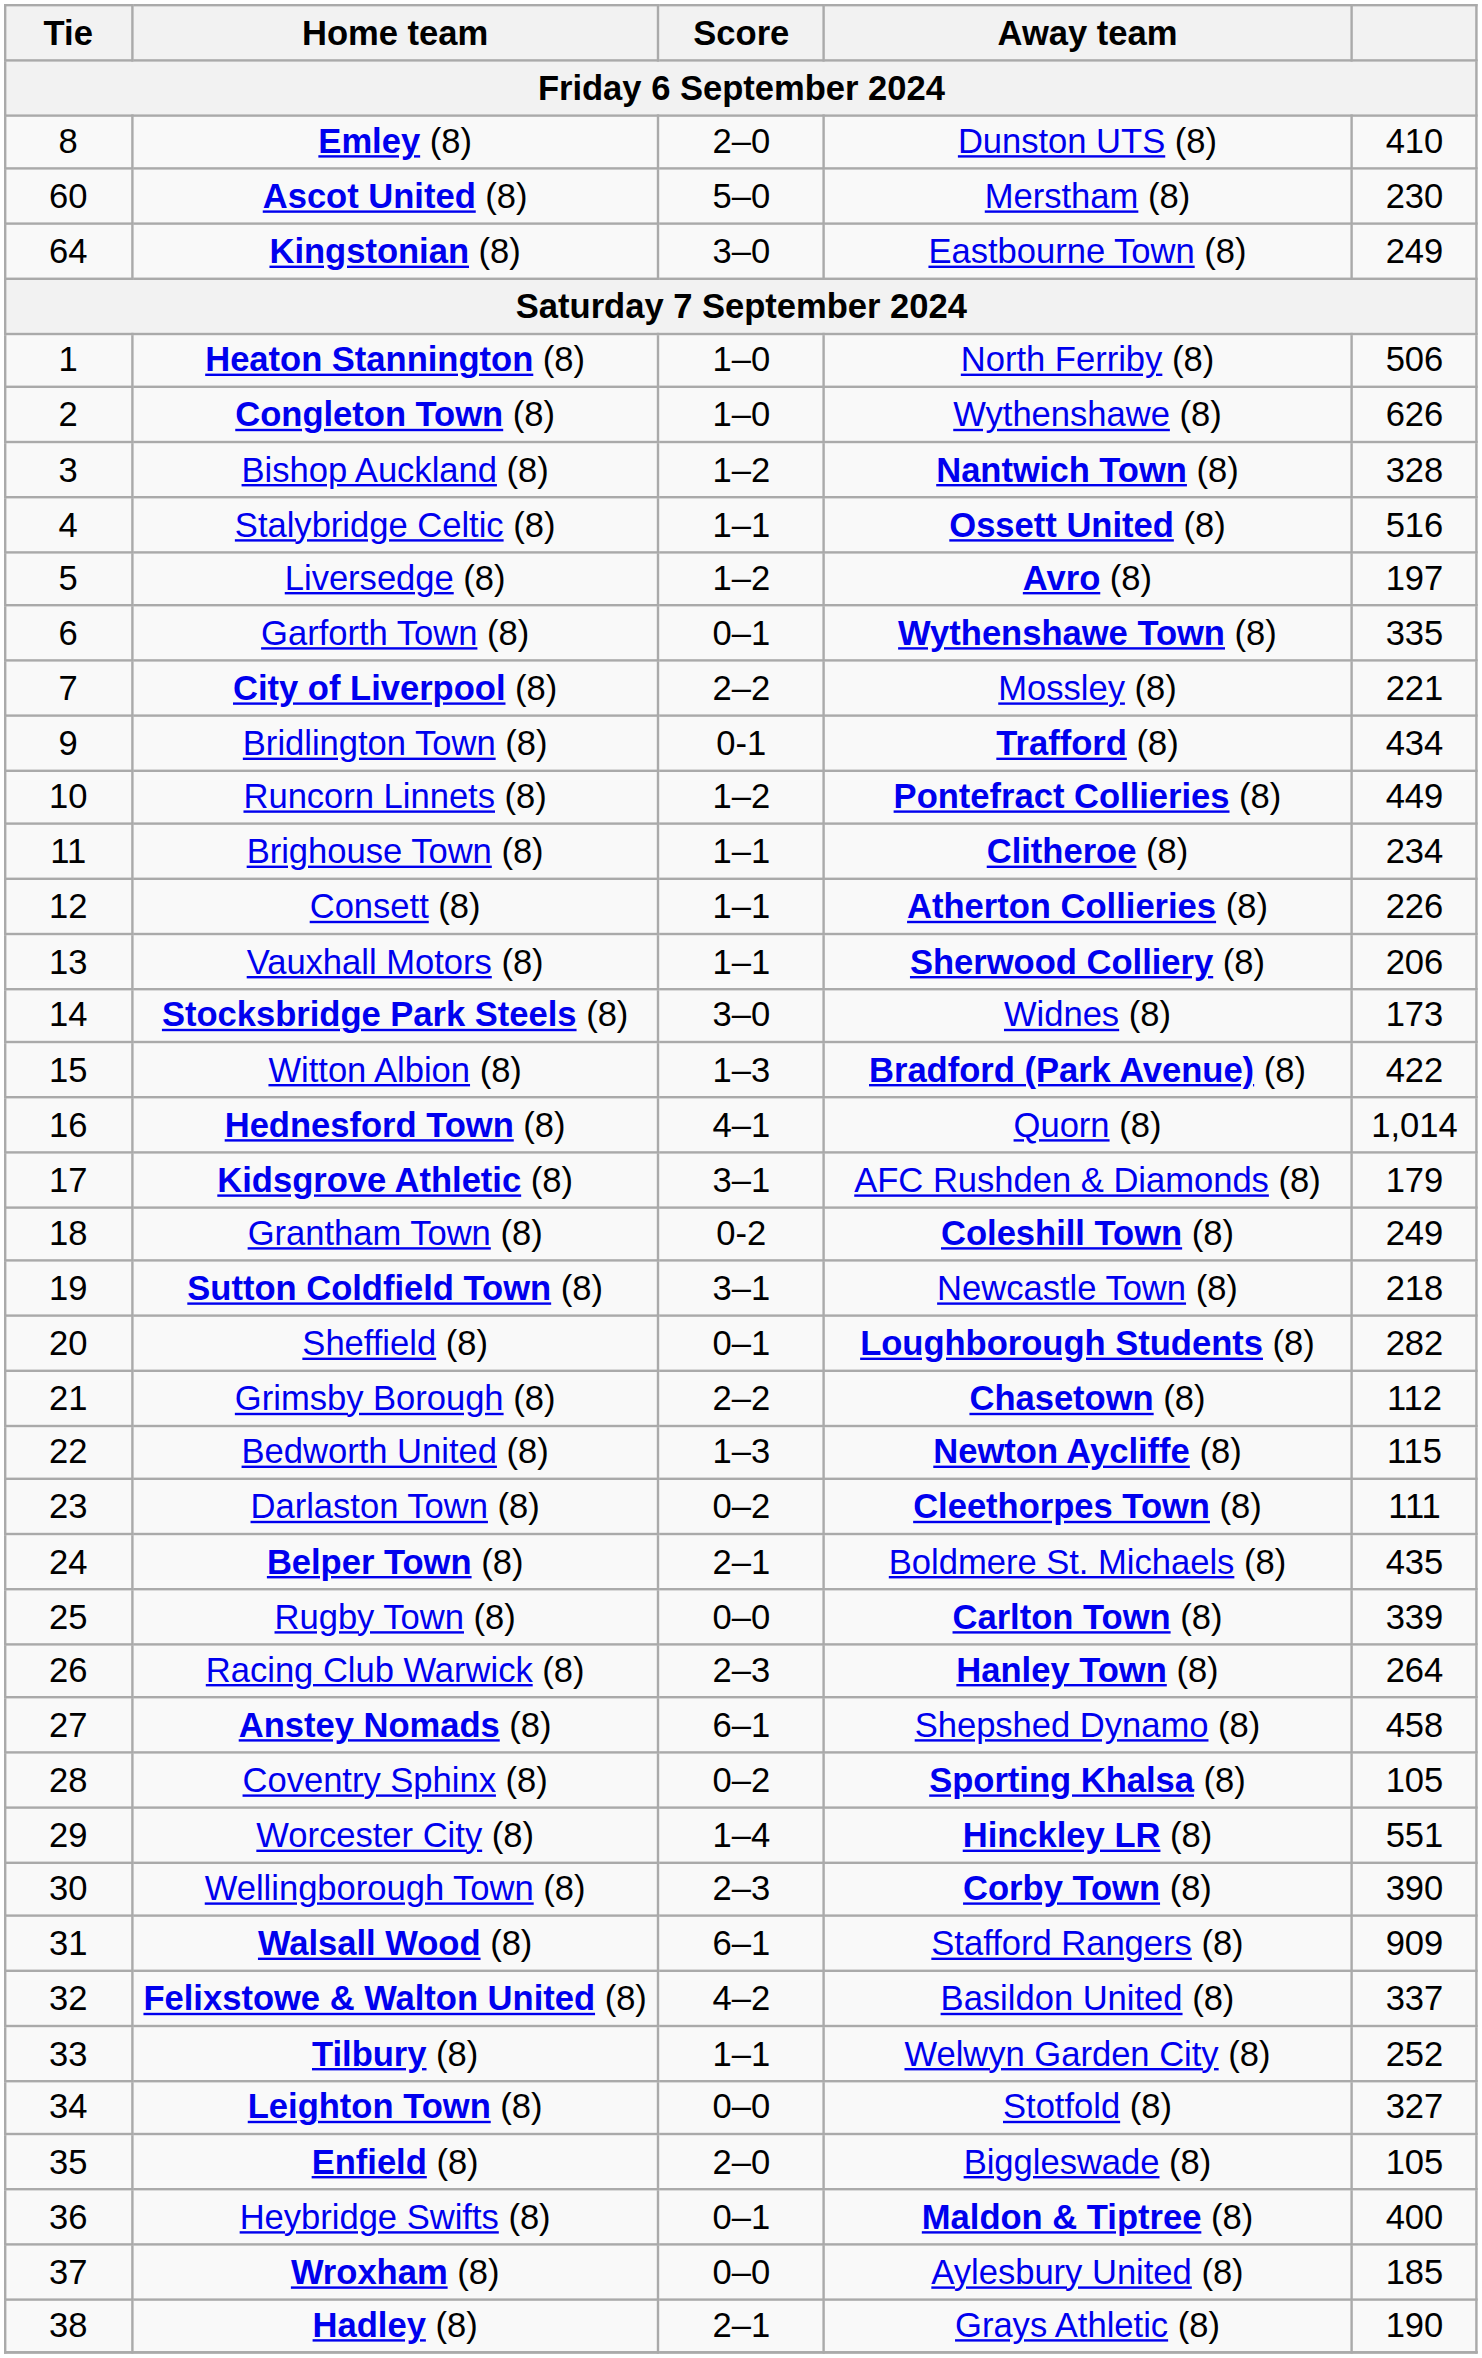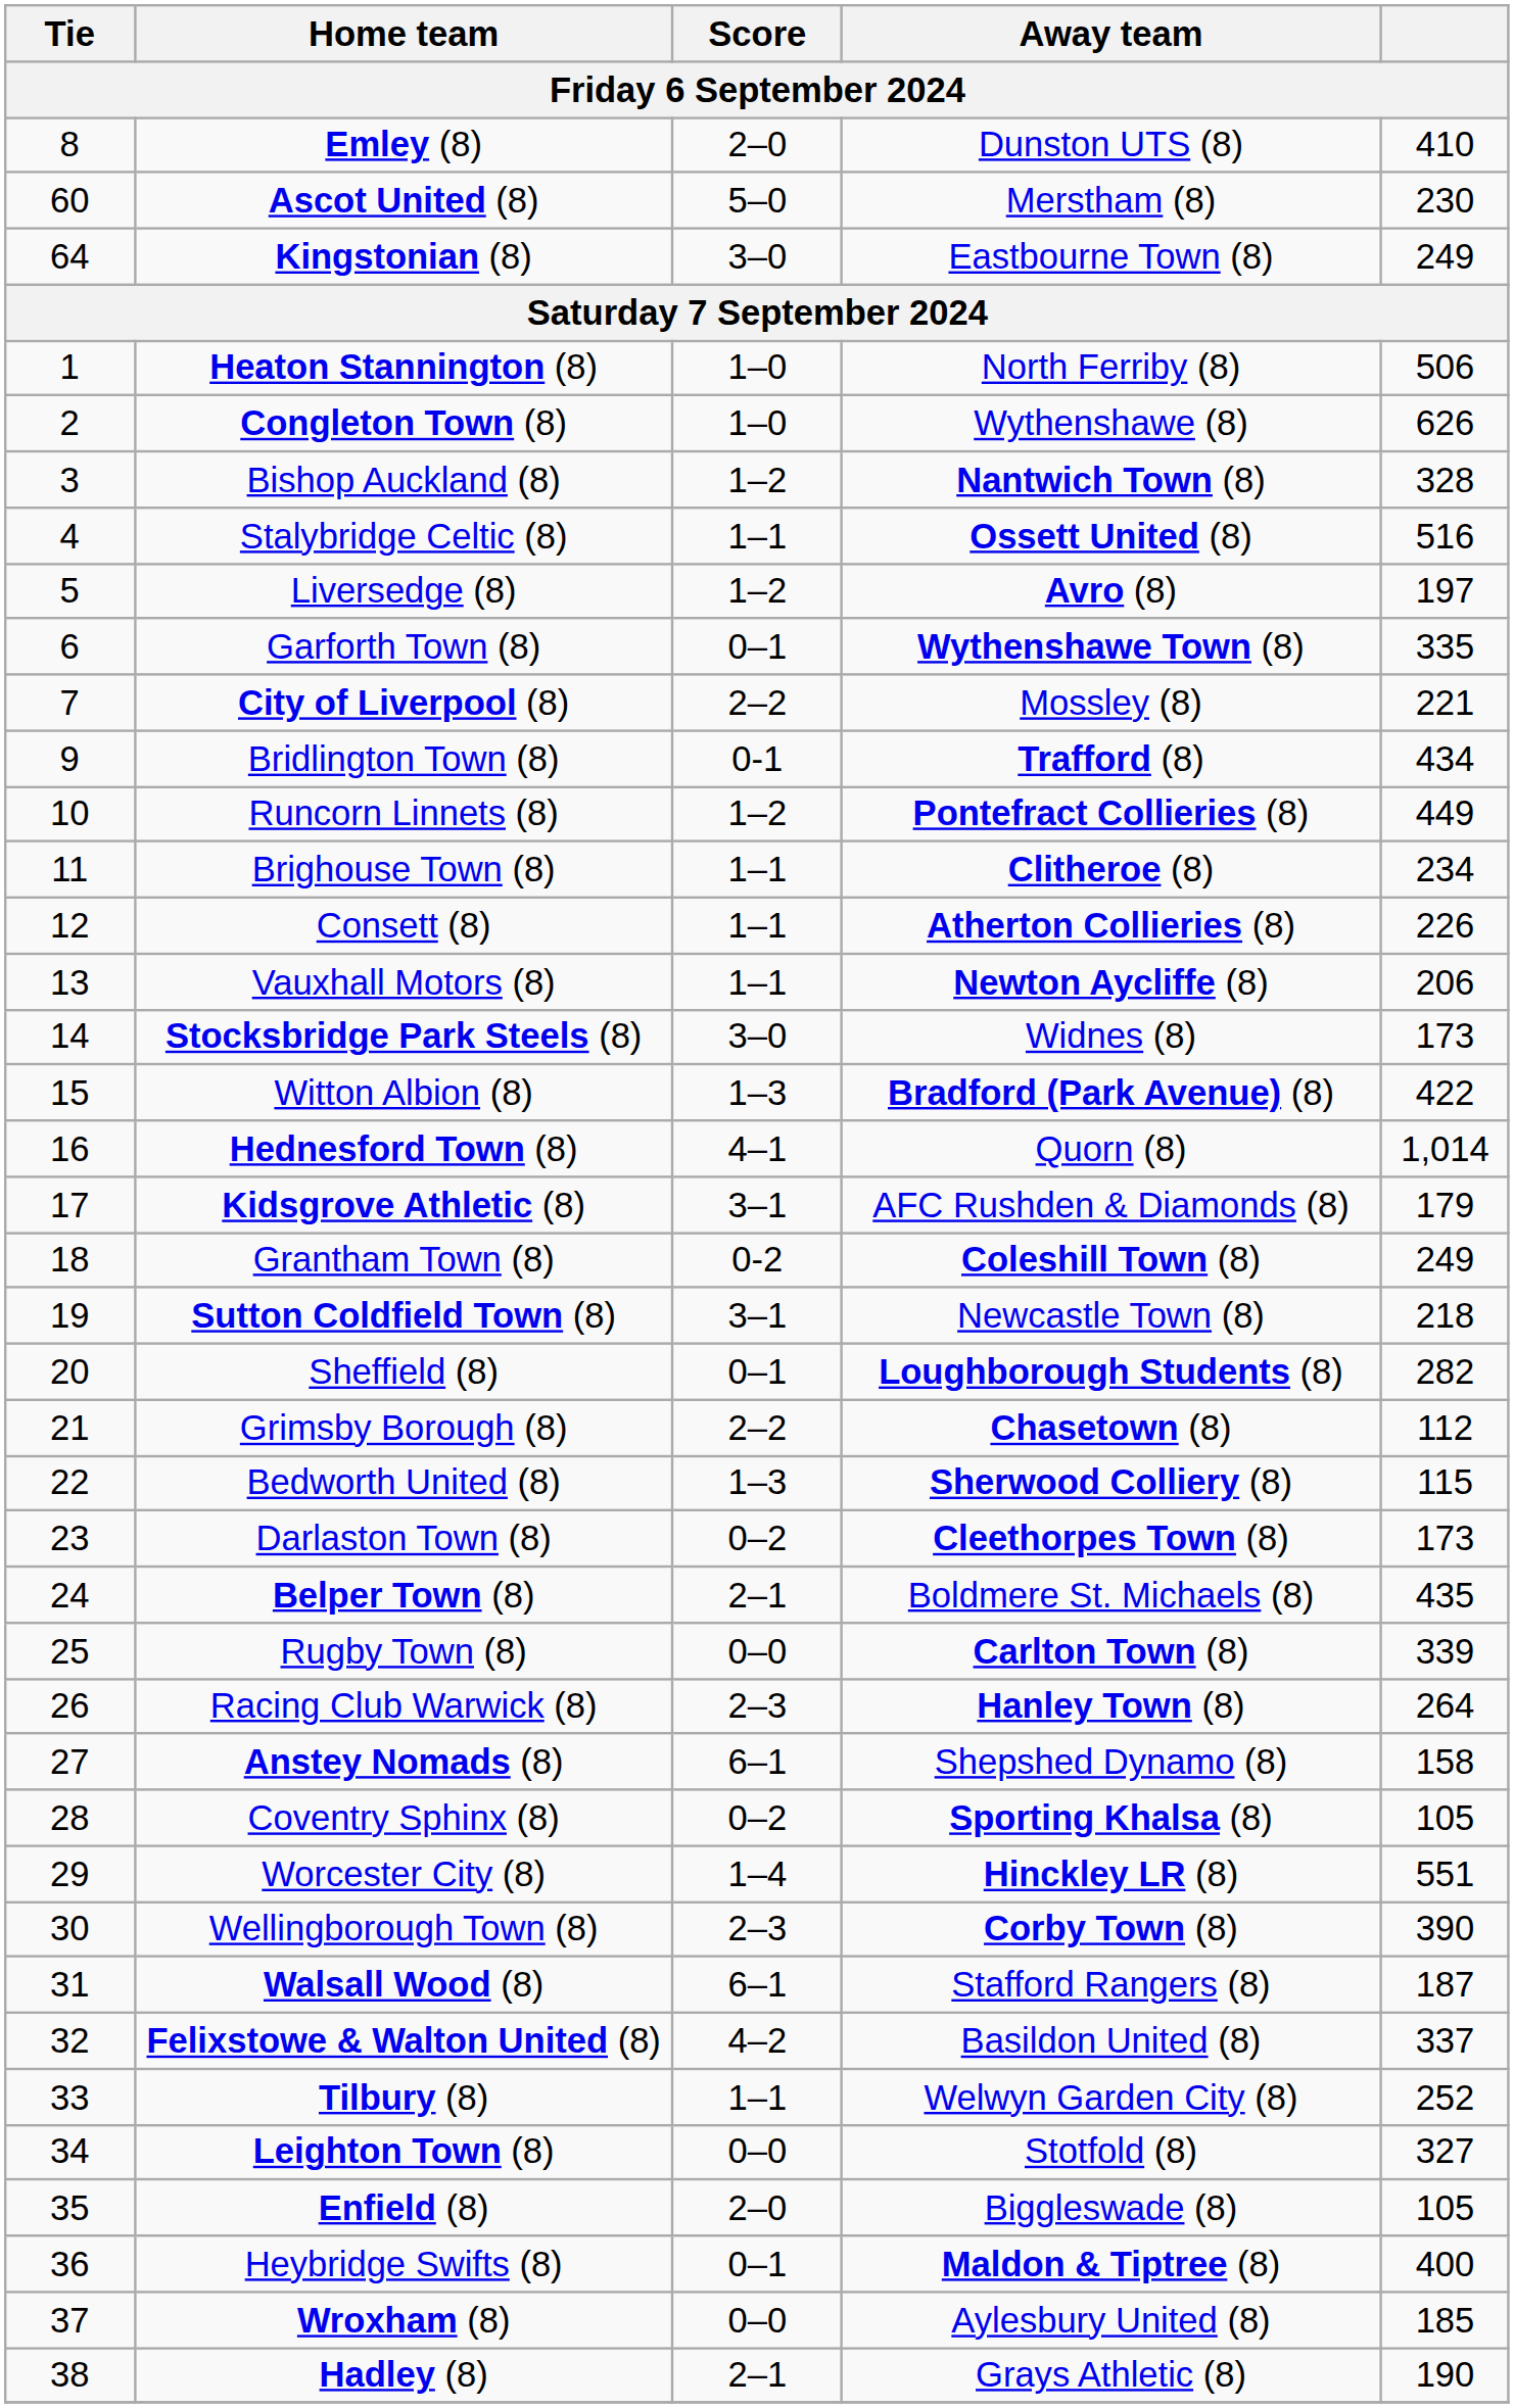 <table class="wikitable" style="text-align:center; font-size:90%">
 <tr>
 <th scope="col" style="width:  8.43%;">Tie</th>
 <th scope="col" style="width: 35.29%;">Home team</th>
 <th scope="col" style="width: 11.00%;">Score</th>
 <th scope="col" style="width: 35.29%;">Away team</th>
 <th scope="col" style="width:  8.43%;"></th>
 </tr>
 <tr>
 <th colspan="5"><strong>Friday 6 September 2024</strong></th>
 </tr>
 <tr>
 <td>8</td>
 <td><strong><a href='#'>Emley</a></strong> (8)</td>
 <td>2–0</td>
 <td><a href='#'>Dunston UTS</a> (8)</td>
 <td>410</td>
 </tr>
 <tr>
 <td>60</td>
 <td><strong><a href='#'>Ascot United</a></strong> (8)</td>
 <td>5–0</td>
 <td><a href='#'>Merstham</a> (8)</td>
 <td>230</td>
 </tr>
 <tr>
 <td>64</td>
 <td><strong><a href='#'>Kingstonian</a></strong> (8)</td>
 <td>3–0</td>
 <td><a href='#'>Eastbourne Town</a> (8)</td>
 <td>249</td>
 </tr>
 <tr>
 <th colspan="5"><strong>Saturday 7 September 2024</strong></th>
 </tr>
 <tr>
 <td>1</td>
 <td><strong><a href='#'>Heaton Stannington</a></strong> (8)</td>
 <td>1–0</td>
 <td><a href='#'>North Ferriby</a> (8)</td>
 <td>506</td>
 </tr>
 <tr>
 <td>2</td>
 <td><strong><a href='#'>Congleton Town</a></strong> (8)</td>
 <td>1–0</td>
 <td><a href='#'>Wythenshawe</a> (8)</td>
 <td>626</td>
 </tr>
 <tr>
 <td>3</td>
 <td><a href='#'>Bishop Auckland</a> (8)</td>
 <td>1–2</td>
 <td><strong><a href='#'>Nantwich Town</a></strong> (8)</td>
 <td>328</td>
 </tr>
 <tr>
 <td>4</td>
 <td><a href='#'>Stalybridge Celtic</a> (8)</td>
 <td>1–1 </td>
 <td><strong><a href='#'>Ossett United</a></strong> (8)</td>
 <td>516</td>
 </tr>
 <tr>
 <td>5</td>
 <td><a href='#'>Liversedge</a> (8)</td>
 <td>1–2</td>
 <td><strong><a href='#'>Avro</a></strong> (8)</td>
 <td>197</td>
 </tr>
 <tr>
 <td>6</td>
 <td><a href='#'>Garforth Town</a> (8)</td>
 <td>0–1</td>
 <td><strong><a href='#'>Wythenshawe Town</a></strong> (8)</td>
 <td>335</td>
 </tr>
 <tr>
 <td>7</td>
 <td><strong><a href='#'>City of Liverpool</a></strong> (8)</td>
 <td>2–2 </td>
 <td><a href='#'>Mossley</a> (8)</td>
 <td>221</td>
 </tr>
 <tr>
 <td>9</td>
 <td><a href='#'>Bridlington Town</a> (8)</td>
 <td>0-1</td>
 <td><strong><a href='#'>Trafford</a></strong> (8)</td>
 <td>434</td>
 </tr>
 <tr>
 <td>10</td>
 <td><a href='#'>Runcorn Linnets</a> (8)</td>
 <td>1–2</td>
 <td><strong><a href='#'>Pontefract Collieries</a></strong> (8)</td>
 <td>449</td>
 </tr>
 <tr>
 <td>11</td>
 <td><a href='#'>Brighouse Town</a> (8)</td>
 <td>1–1 </td>
 <td><strong><a href='#'>Clitheroe</a></strong> (8)</td>
 <td>234</td>
 </tr>
 <tr>
 <td>12</td>
 <td><a href='#'>Consett</a> (8)</td>
 <td>1–1 </td>
 <td><strong><a href='#'>Atherton Collieries</a></strong> (8)</td>
 <td>226</td>
 </tr>
 <tr>
 <td>13</td>
 <td><a href='#'>Vauxhall Motors</a> (8)</td>
 <td>1–1 </td>
-<td><strong><a href='#'>Sherwood Colliery</a></strong> (8)</td>
+<td><strong><a href='#'>Newton Aycliffe</a></strong> (8)</td>
 <td>206</td>
 </tr>
 <tr>
 <td>14</td>
 <td><strong><a href='#'>Stocksbridge Park Steels</a></strong> (8)</td>
 <td>3–0</td>
 <td><a href='#'>Widnes</a> (8)</td>
 <td>173</td>
 </tr>
 <tr>
 <td>15</td>
 <td><a href='#'>Witton Albion</a> (8)</td>
 <td>1–3</td>
 <td><strong><a href='#'>Bradford (Park Avenue)</a></strong> (8)</td>
 <td>422</td>
 </tr>
 <tr>
 <td>16</td>
 <td><strong><a href='#'>Hednesford Town</a></strong> (8)</td>
 <td>4–1</td>
 <td><a href='#'>Quorn</a> (8)</td>
 <td>1,014</td>
 </tr>
 <tr>
 <td>17</td>
 <td><strong><a href='#'>Kidsgrove Athletic</a></strong> (8)</td>
 <td>3–1</td>
 <td><a href='#'>AFC Rushden & Diamonds</a> (8)</td>
 <td>179</td>
 </tr>
 <tr>
 <td>18</td>
 <td><a href='#'>Grantham Town</a> (8)</td>
 <td>0-2</td>
 <td><strong><a href='#'>Coleshill Town</a></strong> (8)</td>
 <td>249</td>
 </tr>
 <tr>
 <td>19</td>
 <td><strong><a href='#'>Sutton Coldfield Town</a></strong> (8)</td>
 <td>3–1</td>
 <td><a href='#'>Newcastle Town</a> (8)</td>
 <td>218</td>
 </tr>
 <tr>
 <td>20</td>
 <td><a href='#'>Sheffield</a> (8)</td>
 <td>0–1</td>
 <td><strong><a href='#'>Loughborough Students</a></strong> (8)</td>
 <td>282</td>
 </tr>
 <tr>
 <td>21</td>
 <td><a href='#'>Grimsby Borough</a> (8)</td>
 <td>2–2 </td>
 <td><strong><a href='#'>Chasetown</a></strong> (8)</td>
 <td>112</td>
 </tr>
 <tr>
 <td>22</td>
 <td><a href='#'>Bedworth United</a> (8)</td>
 <td>1–3</td>
-<td><strong><a href='#'>Newton Aycliffe</a></strong> (8)</td>
+<td><strong><a href='#'>Sherwood Colliery</a></strong> (8)</td>
 <td>115</td>
 </tr>
 <tr>
 <td>23</td>
 <td><a href='#'>Darlaston Town</a> (8)</td>
 <td>0–2</td>
 <td><strong><a href='#'>Cleethorpes Town</a></strong> (8)</td>
-<td>111</td>
+<td>173</td>
 </tr>
 <tr>
 <td>24</td>
 <td><strong><a href='#'>Belper Town</a></strong> (8)</td>
 <td>2–1</td>
 <td><a href='#'>Boldmere St. Michaels</a> (8)</td>
 <td>435</td>
 </tr>
 <tr>
 <td>25</td>
 <td><a href='#'>Rugby Town</a> (8)</td>
 <td>0–0 </td>
 <td><strong><a href='#'>Carlton Town</a></strong> (8)</td>
 <td>339</td>
 </tr>
 <tr>
 <td>26</td>
 <td><a href='#'>Racing Club Warwick</a> (8)</td>
 <td>2–3</td>
 <td><strong><a href='#'>Hanley Town</a></strong> (8)</td>
 <td>264</td>
 </tr>
 <tr>
 <td>27</td>
 <td><strong><a href='#'>Anstey Nomads</a></strong> (8)</td>
 <td>6–1</td>
 <td><a href='#'>Shepshed Dynamo</a> (8)</td>
-<td>458</td>
+<td>158</td>
 </tr>
 <tr>
 <td>28</td>
 <td><a href='#'>Coventry Sphinx</a> (8)</td>
 <td>0–2</td>
 <td><strong><a href='#'>Sporting Khalsa</a></strong> (8)</td>
 <td>105</td>
 </tr>
 <tr>
 <td>29</td>
 <td><a href='#'>Worcester City</a> (8)</td>
 <td>1–4</td>
 <td><strong><a href='#'>Hinckley LR</a></strong> (8)</td>
 <td>551</td>
 </tr>
 <tr>
 <td>30</td>
 <td><a href='#'>Wellingborough Town</a> (8)</td>
 <td>2–3</td>
 <td><strong><a href='#'>Corby Town</a></strong> (8)</td>
 <td>390</td>
 </tr>
 <tr>
 <td>31</td>
 <td><strong><a href='#'>Walsall Wood</a></strong> (8)</td>
 <td>6–1</td>
 <td><a href='#'>Stafford Rangers</a> (8)</td>
-<td>909</td>
+<td>187</td>
 </tr>
 <tr>
 <td>32</td>
 <td><strong><a href='#'>Felixstowe & Walton United</a></strong> (8)</td>
 <td>4–2</td>
 <td><a href='#'>Basildon United</a> (8)</td>
 <td>337</td>
 </tr>
 <tr>
 <td>33</td>
 <td><strong><a href='#'>Tilbury</a></strong> (8)</td>
 <td>1–1 </td>
 <td><a href='#'>Welwyn Garden City</a> (8)</td>
 <td>252</td>
 </tr>
 <tr>
 <td>34</td>
 <td><strong><a href='#'>Leighton Town</a></strong> (8)</td>
 <td>0–0 </td>
 <td><a href='#'>Stotfold</a> (8)</td>
 <td>327</td>
 </tr>
 <tr>
 <td>35</td>
 <td><strong><a href='#'>Enfield</a></strong> (8)</td>
 <td>2–0</td>
 <td><a href='#'>Biggleswade</a> (8)</td>
 <td>105</td>
 </tr>
 <tr>
 <td>36</td>
 <td><a href='#'>Heybridge Swifts</a> (8)</td>
 <td>0–1</td>
 <td><strong><a href='#'>Maldon & Tiptree</a></strong> (8)</td>
 <td>400</td>
 </tr>
 <tr>
 <td>37</td>
 <td><strong><a href='#'>Wroxham</a></strong> (8)</td>
 <td>0–0 </td>
 <td><a href='#'>Aylesbury United</a> (8)</td>
 <td>185</td>
 </tr>
 <tr>
 <td>38</td>
 <td><strong><a href='#'>Hadley</a></strong> (8)</td>
 <td>2–1</td>
 <td><a href='#'>Grays Athletic</a> (8)</td>
 <td>190</td>
 </tr>
 <tr>
 </tr>
 </table>
